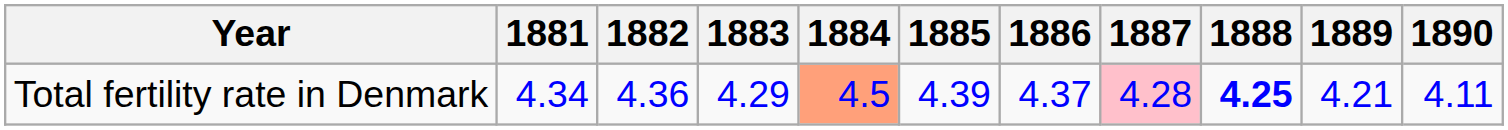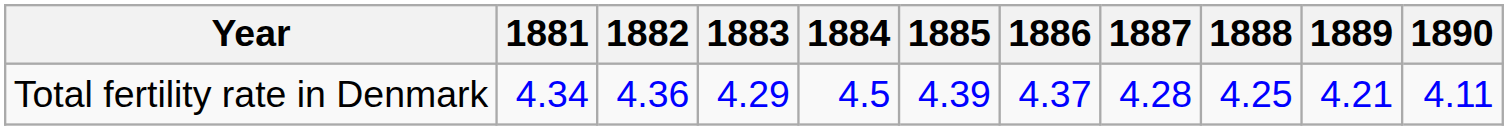 <table class="wikitable " style="text-align:right">
 <tr>
 <th>Year</th>
 <th>1881</th>
 <th>1882</th>
 <th>1883</th>
 <th>1884</th>
 <th>1885</th>
 <th>1886</th>
 <th>1887</th>
 <th>1888</th>
 <th>1889</th>
 <th>1890</th>
 </tr>
 <tr>
 <td align="left">Total fertility rate in Denmark</td>
 <td style="text-align:right; color:blue;">4.34</td>
 <td style="text-align:right; color:blue;">4.36</td>
 <td style="text-align:right; color:blue;">4.29</td>
-<td style="background: lightsalmon; text-align:right; color:blue;">4.5</td>
+<td style="text-align:right; color:blue;">4.5</td>
 <td style="text-align:right; color:blue;">4.39</td>
 <td style="text-align:right; color:blue;">4.37</td>
-<td style="background: pink; text-align:right; color:blue;">4.28</td>
-<td style="text-align:right; color:blue;"><strong>4.25</strong></td>
+<td style="text-align:right; color:blue;">4.28</td>
+<td style="text-align:right; color:blue;">4.25</td>
 <td style="text-align:right; color:blue;">4.21</td>
 <td style="text-align:right; color:blue;">4.11</td>
 </tr>
 </table>
